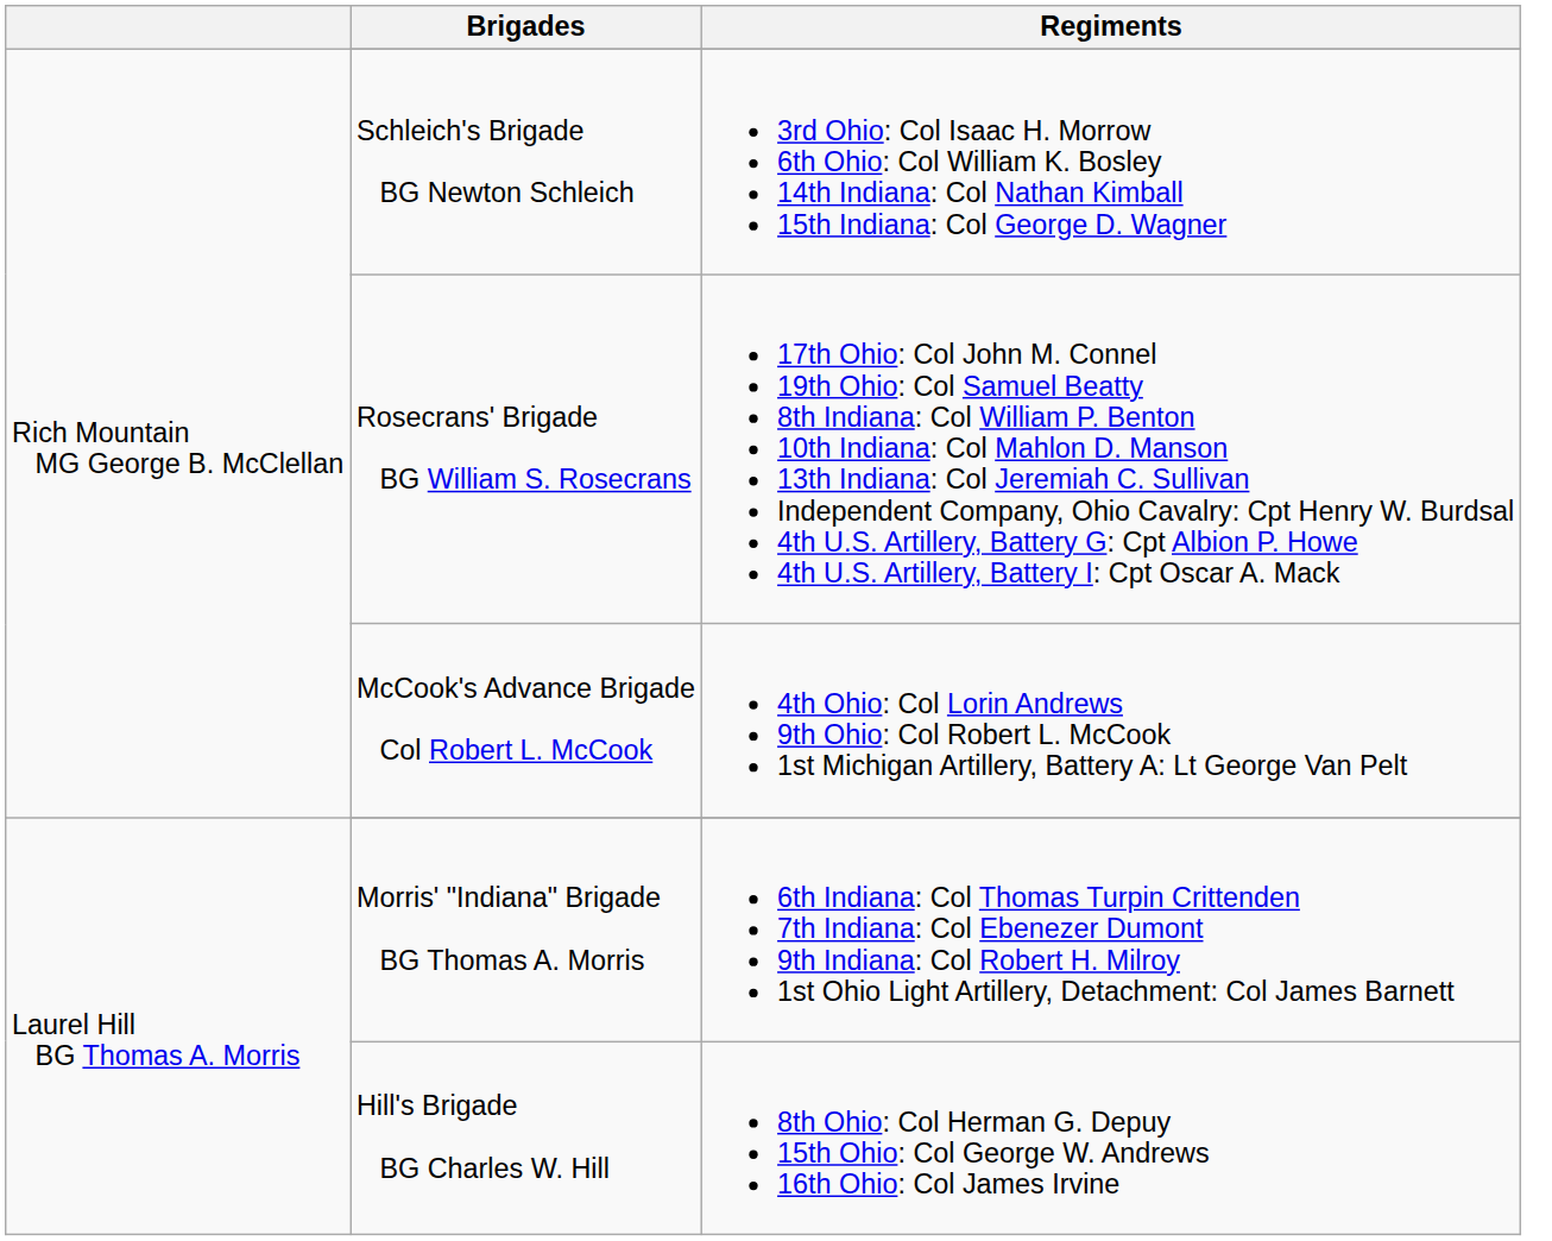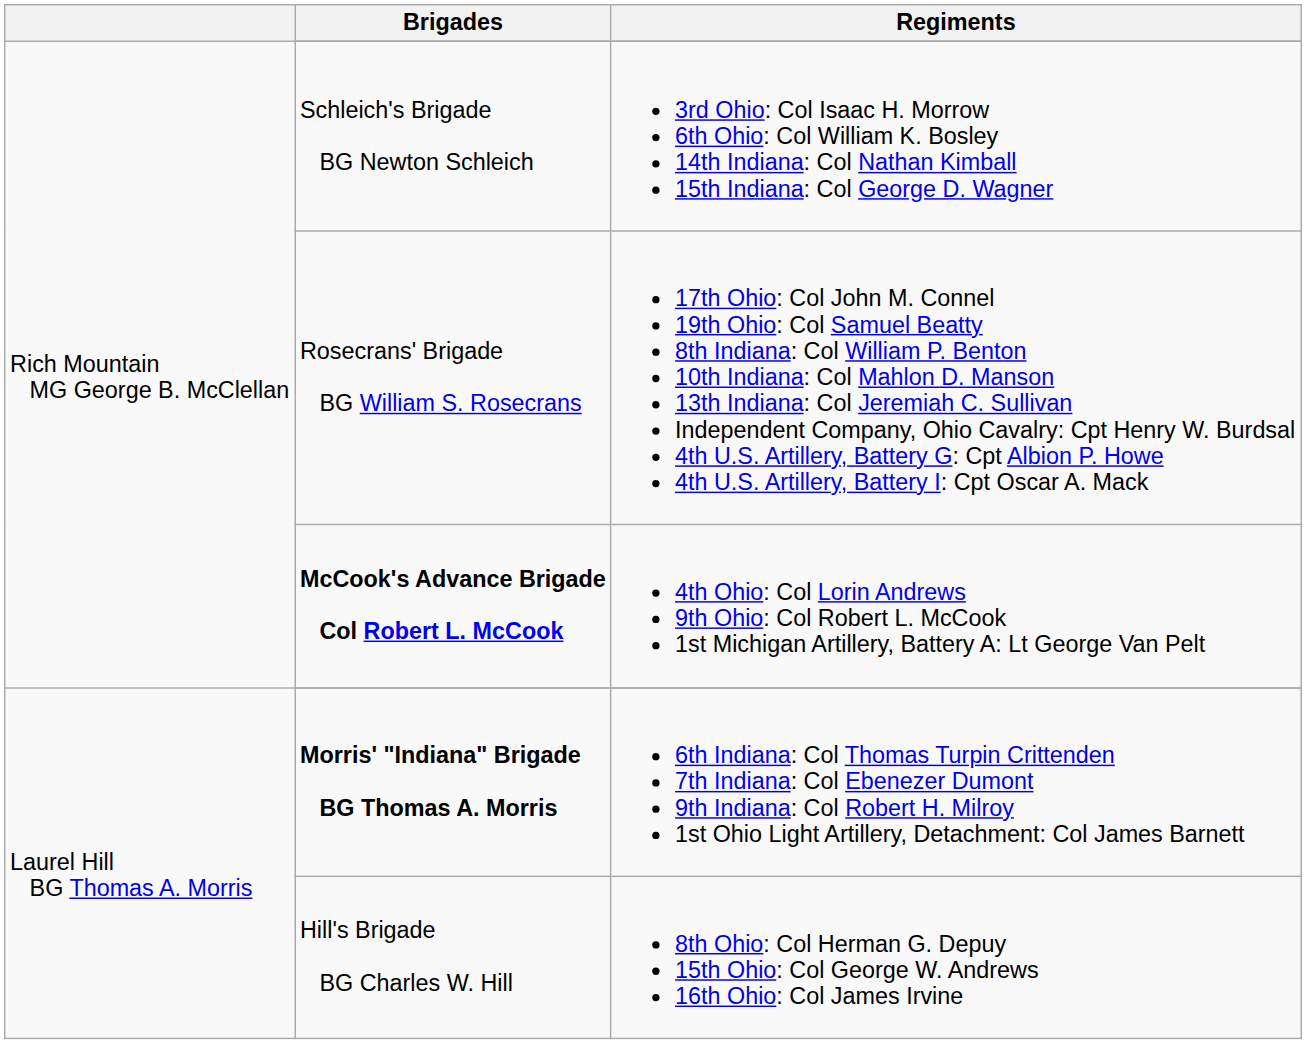 <table class="wikitable">
 <tr>
 <th></th>
 <th><strong>Brigades</strong></th>
 <th><strong>Regiments</strong></th>
 </tr>
 <tr>
 <td rowspan=4><br>Rich Mountain <br>   MG George B. McClellan</td>
 </tr>
 <tr>
 <td>Schleich's Brigade<br><br>   BG Newton Schleich</td>
 <td><br><ul><li><a href='#'>3rd Ohio</a>: Col Isaac H. Morrow</li><li><a href='#'>6th Ohio</a>: Col William K. Bosley</li><li><a href='#'>14th Indiana</a>: Col <a href='#'>Nathan Kimball</a></li><li><a href='#'>15th Indiana</a>: Col <a href='#'>George D. Wagner</a></li></ul></td>
 </tr>
 <tr>
 <td>Rosecrans' Brigade<br><br>   BG <a href='#'>William S. Rosecrans</a></td>
 <td><br><ul><li><a href='#'>17th Ohio</a>: Col John M. Connel</li><li><a href='#'>19th Ohio</a>: Col <a href='#'>Samuel Beatty</a></li><li><a href='#'>8th Indiana</a>: Col <a href='#'>William P. Benton</a></li><li><a href='#'>10th Indiana</a>: Col <a href='#'>Mahlon D. Manson</a></li><li><a href='#'>13th Indiana</a>: Col <a href='#'>Jeremiah C. Sullivan</a></li><li>Independent Company, Ohio Cavalry: Cpt Henry W. Burdsal</li><li><a href='#'>4th U.S. Artillery, Battery G</a>: Cpt <a href='#'>Albion P. Howe</a></li><li><a href='#'>4th U.S. Artillery, Battery I</a>: Cpt Oscar A. Mack</li></ul></td>
 </tr>
 <tr>
-<td>McCook's Advance Brigade<br><br>   Col <a href='#'>Robert L. McCook</a></td>
+<td><strong>McCook's Advance Brigade<br><br>   Col <a href='#'>Robert L. McCook</a></strong></td>
 <td><br><ul><li><a href='#'>4th Ohio</a>: Col <a href='#'>Lorin Andrews</a></li><li><a href='#'>9th Ohio</a>: Col Robert L. McCook</li><li>1st Michigan Artillery, Battery A: Lt George Van Pelt</li></ul></td>
 </tr>
 <tr>
 <td rowspan=3><br>Laurel Hill <br>   BG <a href='#'>Thomas A. Morris</a></td>
 </tr>
 <tr>
-<td>Morris' "Indiana" Brigade<br><br>   BG Thomas A. Morris</td>
+<td><strong>Morris' "Indiana" Brigade<br><br>   BG Thomas A. Morris</strong></td>
 <td><br><ul><li><a href='#'>6th Indiana</a>: Col <a href='#'>Thomas Turpin Crittenden</a></li><li><a href='#'>7th Indiana</a>: Col <a href='#'>Ebenezer Dumont</a></li><li><a href='#'>9th Indiana</a>: Col <a href='#'>Robert H. Milroy</a></li><li>1st Ohio Light Artillery, Detachment: Col James Barnett</li></ul></td>
 </tr>
 <tr>
 <td>Hill's Brigade<br><br>   BG Charles W. Hill</td>
 <td><br><ul><li><a href='#'>8th Ohio</a>: Col Herman G. Depuy</li><li><a href='#'>15th Ohio</a>: Col George W. Andrews</li><li><a href='#'>16th Ohio</a>: Col James Irvine</li></ul></td>
 </tr>
 </table>
